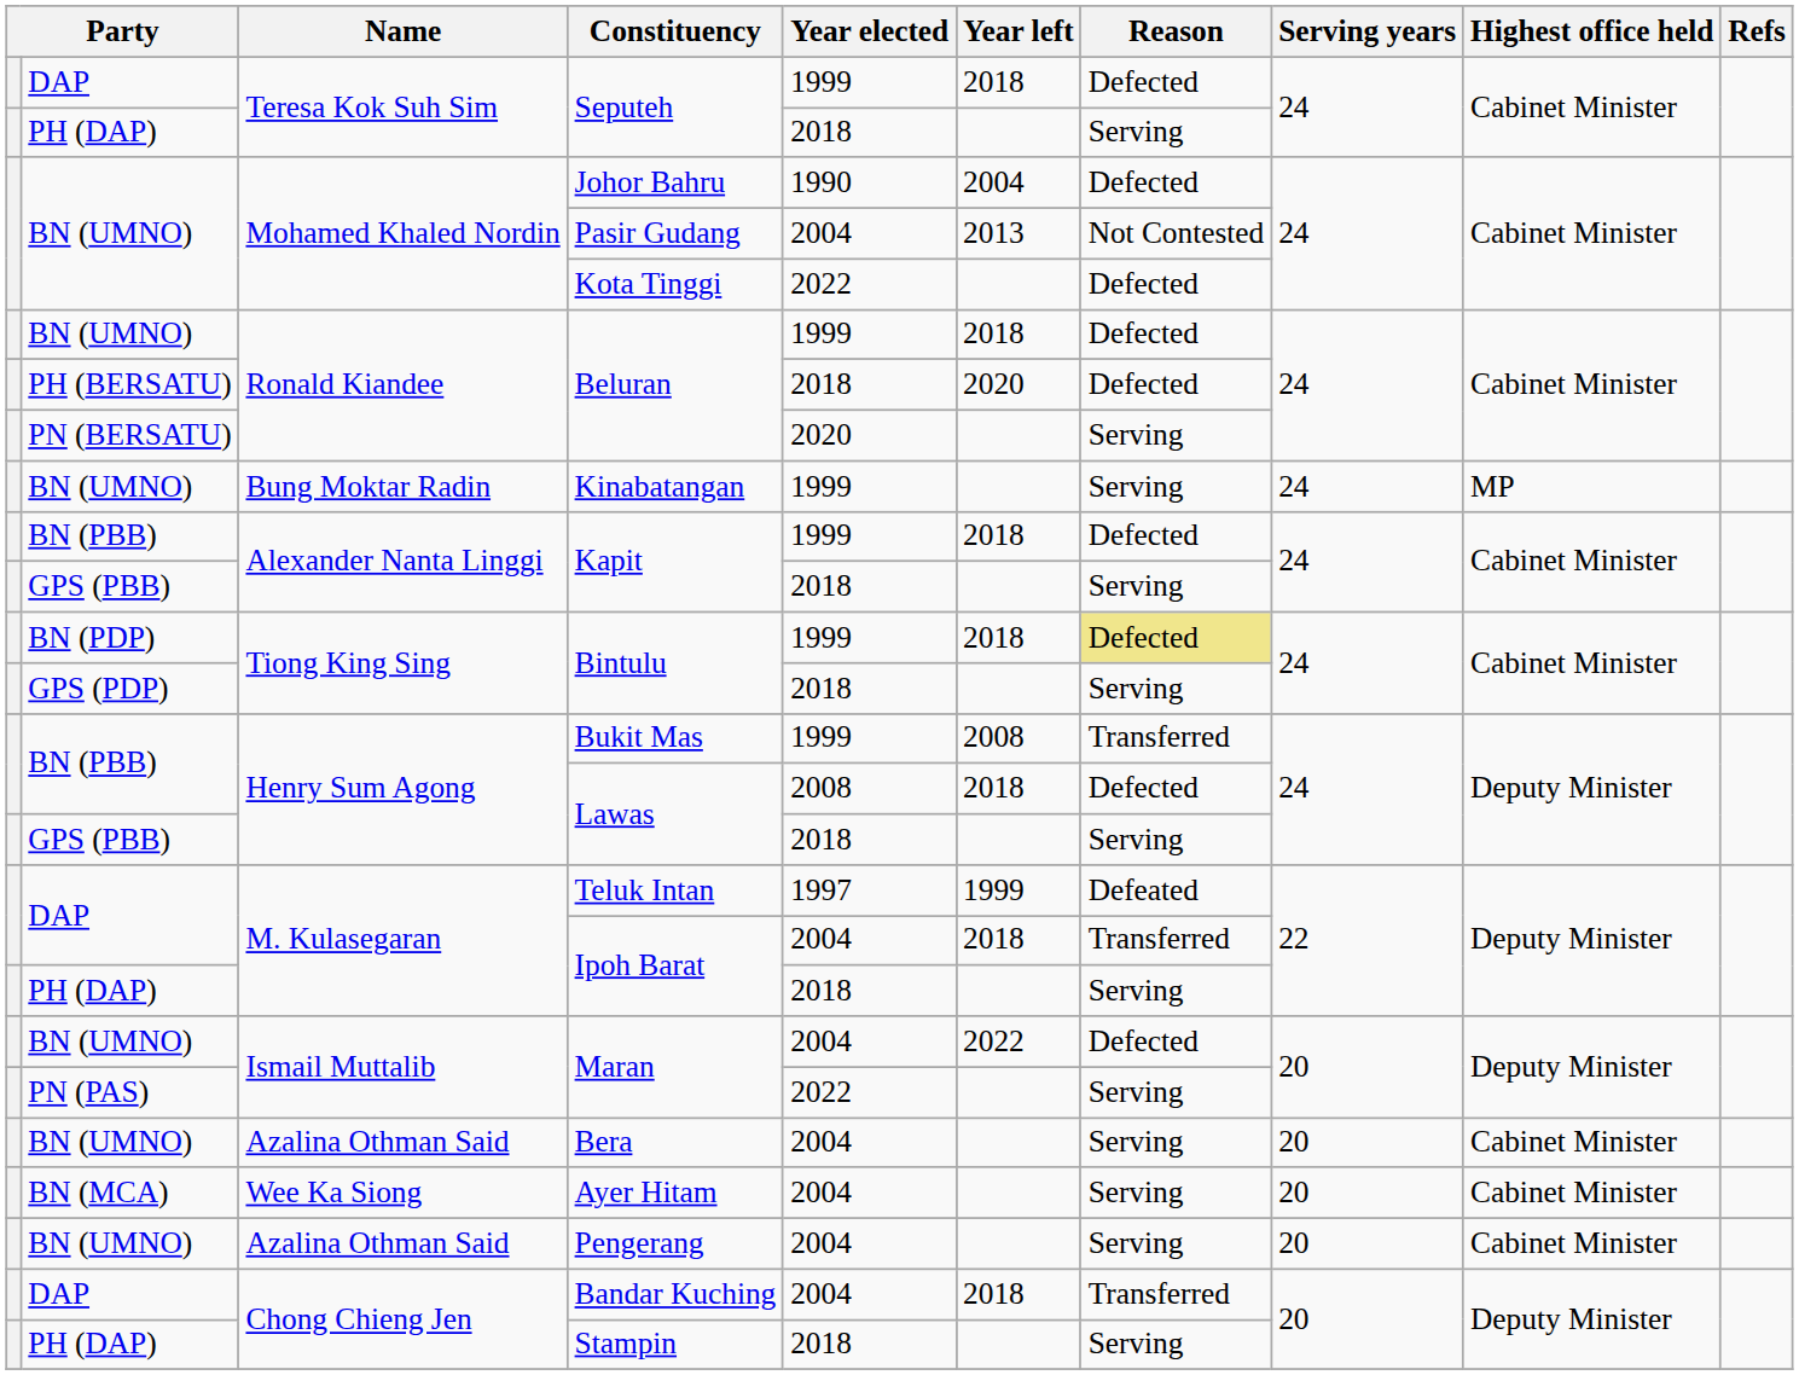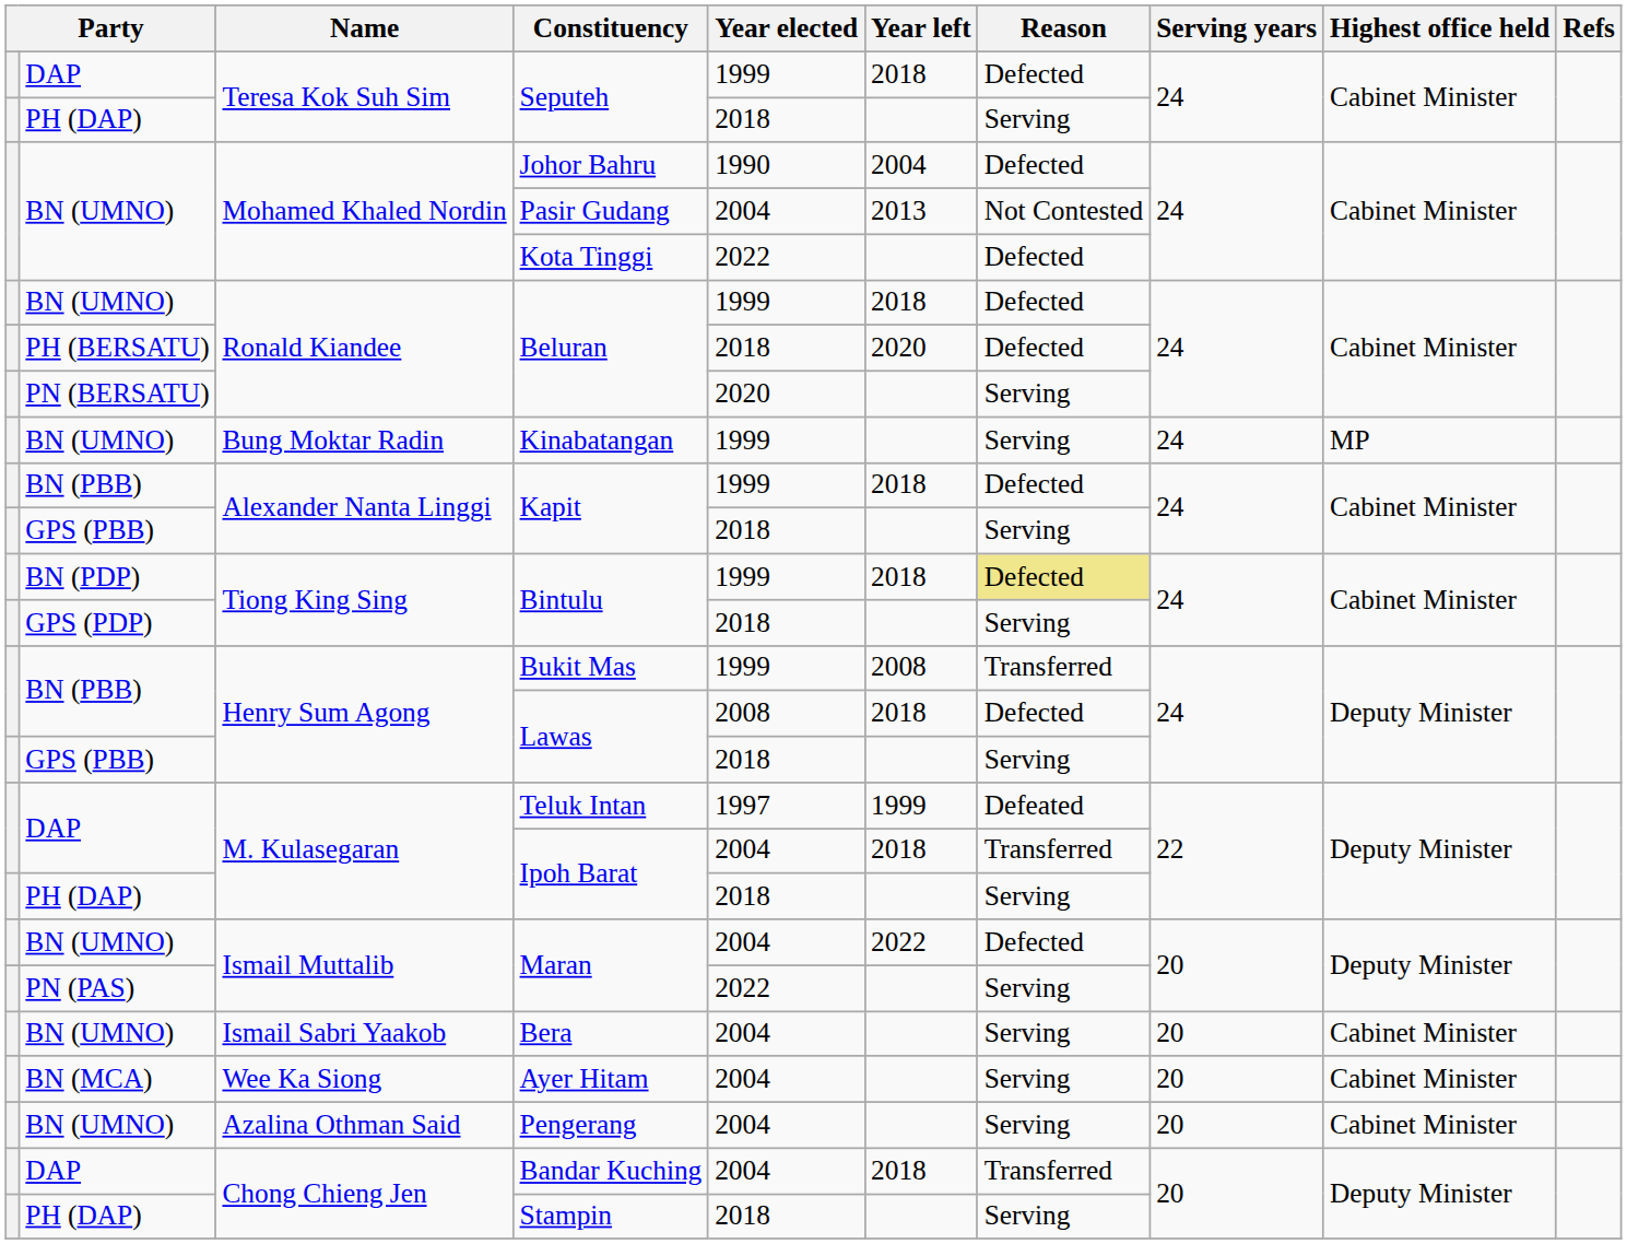 <table class="wikitable sortable" style="margin:0.5em; font-size:90%">
 <tr>
 <th colspan=2>Party</th>
 <th>Name</th>
 <th>Constituency</th>
 <th>Year elected</th>
 <th>Year left</th>
 <th>Reason</th>
 <th>Serving years</th>
 <th>Highest office held</th>
 <th>Refs</th>
 </tr>
 <tr>
 <th style="background-color: "></th>
 <td><a href='#'>DAP</a></td>
 <td rowspan="2"><a href='#'>Teresa Kok Suh Sim</a></td>
 <td rowspan="2"><a href='#'>Seputeh</a></td>
 <td>1999</td>
 <td>2018</td>
 <td>Defected</td>
 <td rowspan="2">24</td>
 <td rowspan="2">Cabinet Minister</td>
 <td rowspan="2"></td>
 </tr>
 <tr>
 <th style="background-color: "></th>
 <td><a href='#'>PH</a> (<a href='#'>DAP</a>)</td>
 <td>2018</td>
 <td></td>
 <td>Serving</td>
 </tr>
 <tr>
 <th rowspan="3" style="background-color: "></th>
 <td rowspan="3"><a href='#'>BN</a> (<a href='#'>UMNO</a>)</td>
 <td rowspan="3"><a href='#'>Mohamed Khaled Nordin</a></td>
 <td><a href='#'>Johor Bahru</a></td>
 <td>1990</td>
 <td>2004</td>
 <td>Defected</td>
 <td rowspan="3">24</td>
 <td rowspan="3">Cabinet Minister</td>
 <td rowspan="3"></td>
 </tr>
 <tr>
 <td><a href='#'>Pasir Gudang</a></td>
 <td>2004</td>
 <td>2013</td>
 <td>Not Contested</td>
 </tr>
 <tr>
 <td><a href='#'>Kota Tinggi</a></td>
 <td>2022</td>
 <td></td>
 <td>Defected</td>
 </tr>
 <tr>
 <th style="background-color: "></th>
 <td><a href='#'>BN</a> (<a href='#'>UMNO</a>)</td>
 <td rowspan="3"><a href='#'>Ronald Kiandee</a></td>
 <td rowspan="3"><a href='#'>Beluran</a></td>
 <td>1999</td>
 <td>2018</td>
 <td>Defected</td>
 <td rowspan="3">24</td>
 <td rowspan="3">Cabinet Minister</td>
 <td rowspan="3"></td>
 </tr>
 <tr>
 <th style="background-color: "></th>
 <td><a href='#'>PH</a> (<a href='#'>BERSATU</a>)</td>
 <td>2018</td>
 <td>2020</td>
 <td>Defected</td>
 </tr>
 <tr>
 <th style="background-color: "></th>
 <td><a href='#'>PN</a> (<a href='#'>BERSATU</a>)</td>
 <td>2020</td>
 <td></td>
 <td>Serving</td>
 </tr>
 <tr>
 <th style="background-color: "></th>
 <td><a href='#'>BN</a> (<a href='#'>UMNO</a>)</td>
 <td><a href='#'>Bung Moktar Radin</a></td>
 <td><a href='#'>Kinabatangan</a></td>
 <td>1999</td>
 <td></td>
 <td>Serving</td>
 <td>24</td>
 <td>MP</td>
 <td></td>
 </tr>
 <tr>
 <th style="background-color: "></th>
 <td><a href='#'>BN</a> (<a href='#'>PBB</a>)</td>
 <td rowspan="2"><a href='#'>Alexander Nanta Linggi</a></td>
 <td rowspan="2"><a href='#'>Kapit</a></td>
 <td>1999</td>
 <td>2018</td>
 <td>Defected</td>
 <td rowspan="2">24</td>
 <td rowspan="2">Cabinet Minister</td>
 <td rowspan="2"></td>
 </tr>
 <tr>
 <th style="background-color: "></th>
 <td><a href='#'>GPS</a> (<a href='#'>PBB</a>)</td>
 <td>2018</td>
 <td></td>
 <td>Serving</td>
 </tr>
 <tr>
 <th style="background-color: "></th>
 <td><a href='#'>BN</a> (<a href='#'>PDP</a>)</td>
 <td rowspan="2"><a href='#'>Tiong King Sing</a></td>
 <td rowspan="2"><a href='#'>Bintulu</a></td>
 <td>1999</td>
 <td>2018</td>
 <td style="background: khaki;">Defected</td>
 <td rowspan="2">24</td>
 <td rowspan="2">Cabinet Minister</td>
 <td rowspan="2"></td>
 </tr>
 <tr>
 <th style="background-color: "></th>
 <td><a href='#'>GPS</a> (<a href='#'>PDP</a>)</td>
 <td>2018</td>
 <td></td>
 <td>Serving</td>
 </tr>
 <tr>
 <th rowspan="2" style="background-color: "></th>
 <td rowspan="2"><a href='#'>BN</a> (<a href='#'>PBB</a>)</td>
 <td rowspan="3"><a href='#'>Henry Sum Agong</a></td>
 <td><a href='#'>Bukit Mas</a></td>
 <td>1999</td>
 <td>2008</td>
 <td>Transferred</td>
 <td rowspan="3">24</td>
 <td rowspan="3">Deputy Minister</td>
 <td rowspan="3"></td>
 </tr>
 <tr>
 <td rowspan="2"><a href='#'>Lawas</a></td>
 <td>2008</td>
 <td>2018</td>
 <td>Defected</td>
 </tr>
 <tr>
 <th style="background-color: "></th>
 <td><a href='#'>GPS</a> (<a href='#'>PBB</a>)</td>
 <td>2018</td>
 <td></td>
 <td>Serving</td>
 </tr>
 <tr>
 <th rowspan="2" style="background-color: "></th>
 <td rowspan="2"><a href='#'>DAP</a></td>
 <td rowspan="3"><a href='#'>M. Kulasegaran</a></td>
 <td><a href='#'>Teluk Intan</a></td>
 <td>1997</td>
 <td>1999</td>
 <td>Defeated</td>
 <td rowspan="3">22</td>
 <td rowspan="3">Deputy Minister</td>
 <td rowspan="3"></td>
 </tr>
 <tr>
 <td rowspan="2"><a href='#'>Ipoh Barat</a></td>
 <td>2004</td>
 <td>2018</td>
 <td>Transferred</td>
 </tr>
 <tr>
 <th style="background-color: "></th>
 <td><a href='#'>PH</a> (<a href='#'>DAP</a>)</td>
 <td>2018</td>
 <td></td>
 <td>Serving</td>
 </tr>
 <tr>
 <th style="background-color: "></th>
 <td><a href='#'>BN</a> (<a href='#'>UMNO</a>)</td>
 <td rowspan="2"><a href='#'>Ismail Muttalib</a></td>
 <td rowspan="2"><a href='#'>Maran</a></td>
 <td>2004</td>
 <td>2022</td>
 <td>Defected</td>
 <td rowspan="2">20</td>
 <td rowspan="2">Deputy Minister</td>
 <td rowspan="2"></td>
 </tr>
 <tr>
 <th style="background-color: "></th>
 <td><a href='#'>PN</a> (<a href='#'>PAS</a>)</td>
 <td>2022</td>
 <td></td>
 <td>Serving</td>
 </tr>
 <tr>
 <th style="background-color: "></th>
 <td><a href='#'>BN</a> (<a href='#'>UMNO</a>)</td>
-<td><a href='#'>Azalina Othman Said</a></td>
+<td><a href='#'>Ismail Sabri Yaakob</a></td>
 <td><a href='#'>Bera</a></td>
 <td>2004</td>
 <td></td>
 <td>Serving</td>
 <td>20</td>
 <td>Cabinet Minister</td>
 <td></td>
 </tr>
 <tr>
 <th style="background-color: "></th>
 <td><a href='#'>BN</a> (<a href='#'>MCA</a>)</td>
 <td><a href='#'>Wee Ka Siong</a></td>
 <td><a href='#'>Ayer Hitam</a></td>
 <td>2004</td>
 <td></td>
 <td>Serving</td>
 <td>20</td>
 <td>Cabinet Minister</td>
 <td></td>
 </tr>
 <tr>
 <th style="background-color: "></th>
 <td><a href='#'>BN</a> (<a href='#'>UMNO</a>)</td>
 <td><a href='#'>Azalina Othman Said</a></td>
 <td><a href='#'>Pengerang</a></td>
 <td>2004</td>
 <td></td>
 <td>Serving</td>
 <td>20</td>
 <td>Cabinet Minister</td>
 <td></td>
 </tr>
 <tr>
 <th style="background-color: "></th>
 <td><a href='#'>DAP</a></td>
 <td rowspan="2"><a href='#'>Chong Chieng Jen</a></td>
 <td><a href='#'>Bandar Kuching</a></td>
 <td>2004</td>
 <td>2018</td>
 <td>Transferred</td>
 <td rowspan="2">20</td>
 <td rowspan="2">Deputy Minister</td>
 <td rowspan="2"></td>
 </tr>
 <tr>
 <th style="background-color: "></th>
 <td><a href='#'>PH</a> (<a href='#'>DAP</a>)</td>
 <td><a href='#'>Stampin</a></td>
 <td>2018</td>
 <td></td>
 <td>Serving</td>
 </tr>
 </table>
